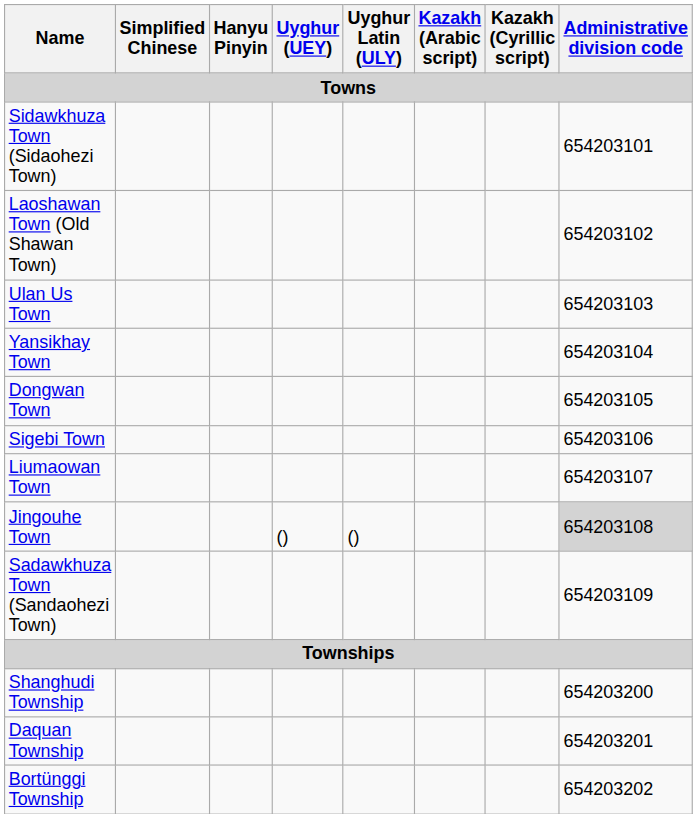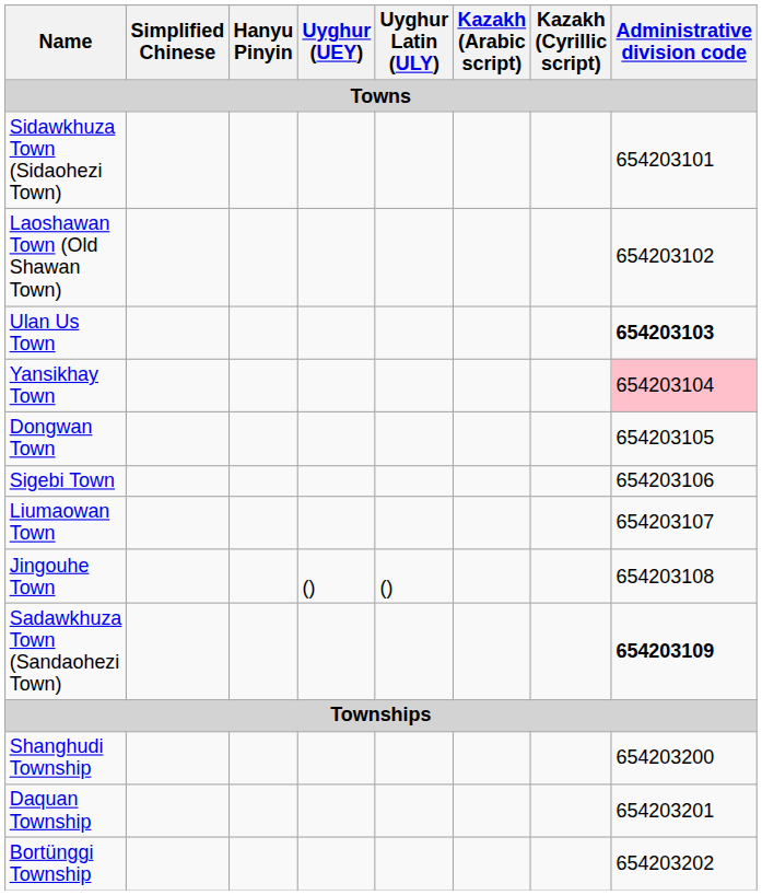 <table class="wikitable" align="center" style="width:50%; border="1">
 <tr>
 <th>Name</th>
 <th>Simplified Chinese</th>
 <th>Hanyu Pinyin</th>
 <th><a href='#'>Uyghur</a> (<a href='#'>UEY</a>)</th>
 <th>Uyghur Latin (<a href='#'>ULY</a>)</th>
 <th><a href='#'>Kazakh</a> (Arabic script)</th>
 <th>Kazakh (Cyrillic script)</th>
 <th><a href='#'>Administrative division code</a></th>
 </tr>
 <tr>
 <td colspan="9"  style="text-align:center; background:#d3d3d3;"><strong>Towns</strong></td>
 </tr>
 <tr --------->
 <td><a href='#'>Sidawkhuza Town</a><br>(Sidaohezi Town)</td>
 <td></td>
 <td></td>
 <td></td>
 <td></td>
 <td></td>
 <td></td>
 <td>654203101</td>
 </tr>
 <tr>
 <td><a href='#'>Laoshawan Town</a> (Old Shawan Town)</td>
 <td></td>
 <td></td>
 <td></td>
 <td></td>
 <td></td>
 <td></td>
 <td>654203102</td>
 </tr>
 <tr>
 <td><a href='#'>Ulan Us Town</a></td>
 <td></td>
 <td></td>
 <td></td>
 <td></td>
 <td></td>
 <td></td>
-<td>654203103</td>
+<td><strong>654203103</strong></td>
 </tr>
 <tr>
 <td><a href='#'>Yansikhay Town</a></td>
 <td></td>
 <td></td>
 <td></td>
 <td></td>
 <td></td>
 <td></td>
-<td>654203104</td>
+<td style="background: pink;">654203104</td>
 </tr>
 <tr>
 <td><a href='#'>Dongwan Town</a></td>
 <td></td>
 <td></td>
 <td></td>
 <td></td>
 <td></td>
 <td></td>
 <td>654203105</td>
 </tr>
 <tr>
 <td><a href='#'>Sigebi Town</a></td>
 <td></td>
 <td></td>
 <td></td>
 <td></td>
 <td></td>
 <td></td>
 <td>654203106</td>
 </tr>
 <tr>
 <td><a href='#'>Liumaowan Town</a></td>
 <td></td>
 <td></td>
 <td></td>
 <td></td>
 <td></td>
 <td></td>
 <td>654203107</td>
 </tr>
 <tr>
 <td><a href='#'>Jingouhe Town</a></td>
 <td></td>
 <td></td>
 <td><br>()</td>
 <td><br>()</td>
 <td></td>
 <td></td>
-<td style="background: lightgrey;">654203108</td>
+<td>654203108</td>
 </tr>
 <tr>
 <td><a href='#'>Sadawkhuza Town</a><br>(Sandaohezi Town)</td>
 <td></td>
 <td></td>
 <td></td>
 <td></td>
 <td></td>
 <td></td>
-<td>654203109</td>
+<td><strong>654203109</strong></td>
 </tr>
 <tr>
 <td colspan="9"  style="text-align:center; background:#d3d3d3;"><strong>Townships</strong></td>
 </tr>
 <tr --------->
 <td><a href='#'>Shanghudi Township</a></td>
 <td></td>
 <td></td>
 <td></td>
 <td></td>
 <td></td>
 <td></td>
 <td>654203200</td>
 </tr>
 <tr>
 <td><a href='#'>Daquan Township</a></td>
 <td></td>
 <td></td>
 <td></td>
 <td></td>
 <td></td>
 <td></td>
 <td>654203201</td>
 </tr>
 <tr>
 <td><a href='#'>Bortünggi Township</a></td>
 <td></td>
 <td></td>
 <td></td>
 <td></td>
 <td></td>
 <td></td>
 <td>654203202</td>
 </tr>
 <tr>
 </tr>
 </table>
